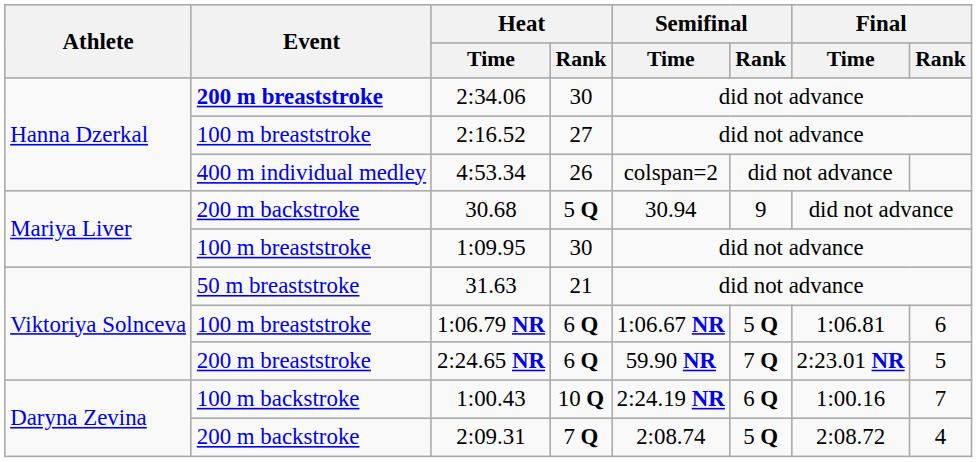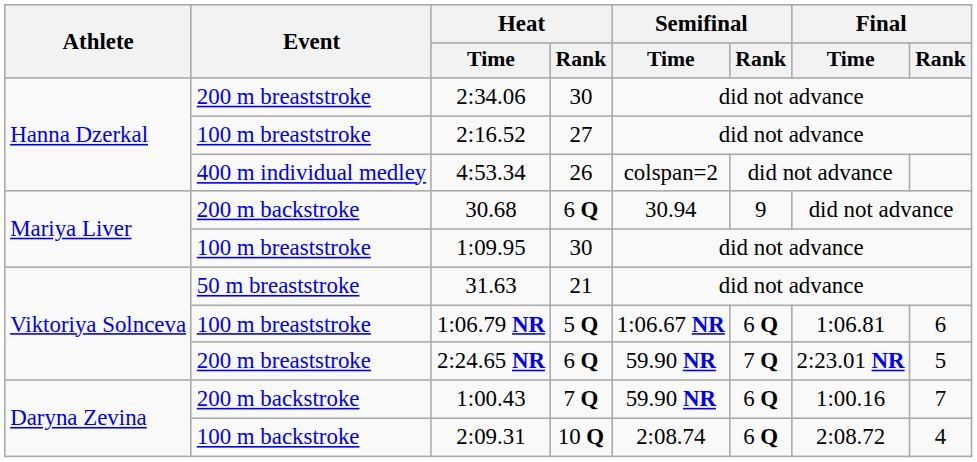 <table class=wikitable style="font-size:90%">
 <tr>
 <th rowspan="2">Athlete</th>
 <th rowspan="2">Event</th>
 <th colspan="2">Heat</th>
 <th colspan="2">Semifinal</th>
 <th colspan="2">Final</th>
 </tr>
 <tr style="font-size:95%">
 <th>Time</th>
 <th>Rank</th>
 <th>Time</th>
 <th>Rank</th>
 <th>Time</th>
 <th>Rank</th>
 </tr>
 <tr align=center>
 <td align=left rowspan=3><a href='#'>Hanna Dzerkal</a></td>
-<td align=left><strong><a href='#'>200 m breaststroke</a></strong></td>
+<td align=left><a href='#'>200 m breaststroke</a></td>
 <td>2:34.06</td>
 <td>30</td>
 <td colspan=4>did not advance</td>
 </tr>
 <tr align=center>
 <td align=left><a href='#'>100 m breaststroke</a></td>
 <td>2:16.52</td>
 <td>27</td>
 <td colspan=4>did not advance</td>
 </tr>
 <tr align=center>
 <td align=left><a href='#'>400 m individual medley</a></td>
 <td>4:53.34</td>
 <td>26</td>
 <td>colspan=2 </td>
 <td colspan=2>did not advance</td>
 </tr>
 <tr align=center>
 <td align=left rowspan=2><a href='#'>Mariya Liver</a></td>
 <td align=left><a href='#'>200 m backstroke</a></td>
 <td>30.68</td>
-<td>5 <strong>Q</strong></td>
+<td>6 <strong>Q</strong></td>
 <td>30.94</td>
 <td>9</td>
 <td colspan=2>did not advance</td>
 </tr>
 <tr align=center>
 <td align=left><a href='#'>100 m breaststroke</a></td>
 <td>1:09.95</td>
 <td>30</td>
 <td colspan=4>did not advance</td>
 </tr>
 <tr align=center>
 <td align=left rowspan=3><a href='#'>Viktoriya Solnceva</a></td>
 <td align=left><a href='#'>50 m breaststroke</a></td>
 <td>31.63</td>
 <td>21</td>
 <td colspan=4>did not advance</td>
 </tr>
 <tr align=center>
 <td align=left><a href='#'>100 m breaststroke</a></td>
 <td>1:06.79 <strong><a href='#'>NR</a></strong></td>
+<td>5 <strong>Q</strong></td>
+<td>1:06.67 <strong><a href='#'>NR</a></strong></td>
 <td>6 <strong>Q</strong></td>
-<td>1:06.67 <strong><a href='#'>NR</a></strong></td>
-<td>5 <strong>Q</strong></td>
 <td>1:06.81</td>
 <td>6</td>
 </tr>
 <tr align=center>
 <td align=left><a href='#'>200 m breaststroke</a></td>
 <td>2:24.65 <strong><a href='#'>NR</a></strong></td>
 <td>6 <strong>Q</strong></td>
 <td>59.90 <strong><a href='#'>NR</a></strong></td>
 <td>7 <strong>Q</strong></td>
 <td>2:23.01 <strong><a href='#'>NR</a></strong></td>
 <td>5</td>
 </tr>
 <tr align=center>
 <td align=left rowspan=2><a href='#'>Daryna Zevina</a></td>
-<td align=left><a href='#'>100 m backstroke</a></td>
+<td align=left><a href='#'>200 m backstroke</a></td>
 <td>1:00.43</td>
-<td>10 <strong>Q</strong></td>
-<td>2:24.19 <strong><a href='#'>NR</a></strong></td>
+<td>7 <strong>Q</strong></td>
+<td>59.90 <strong><a href='#'>NR</a></strong></td>
 <td>6 <strong>Q</strong></td>
 <td>1:00.16</td>
 <td>7</td>
 </tr>
 <tr align=center>
-<td align=left><a href='#'>200 m backstroke</a></td>
+<td align=left><a href='#'>100 m backstroke</a></td>
 <td>2:09.31</td>
-<td>7 <strong>Q</strong></td>
+<td>10 <strong>Q</strong></td>
 <td>2:08.74</td>
-<td>5 <strong>Q</strong></td>
+<td>6 <strong>Q</strong></td>
 <td>2:08.72</td>
 <td>4</td>
 </tr>
 </table>
